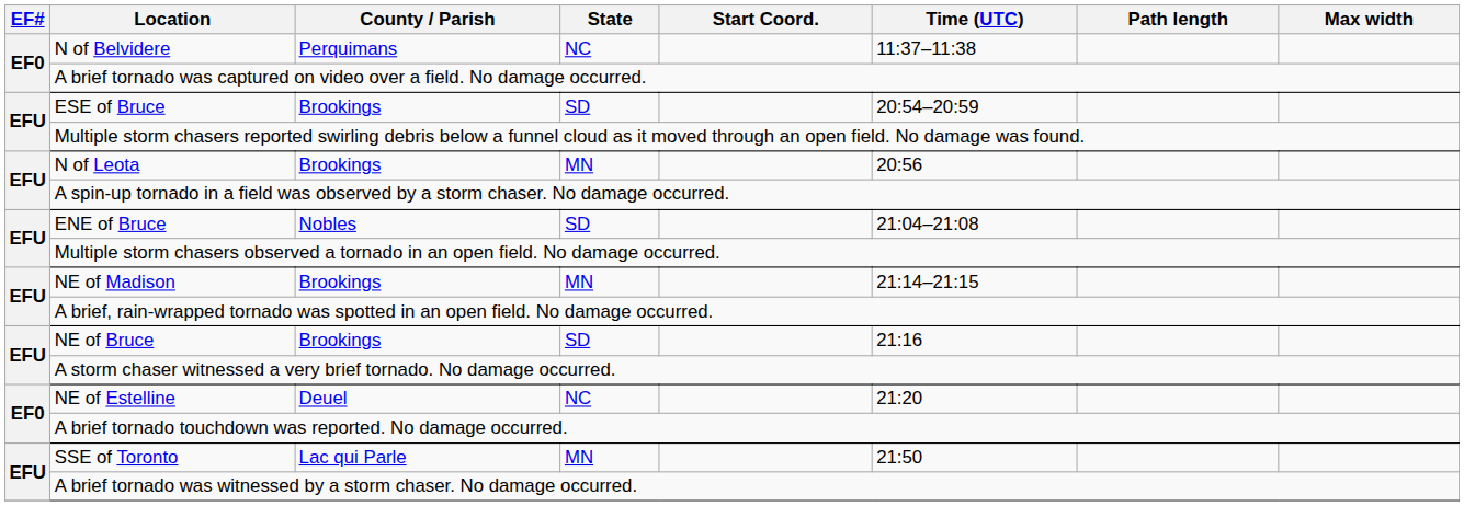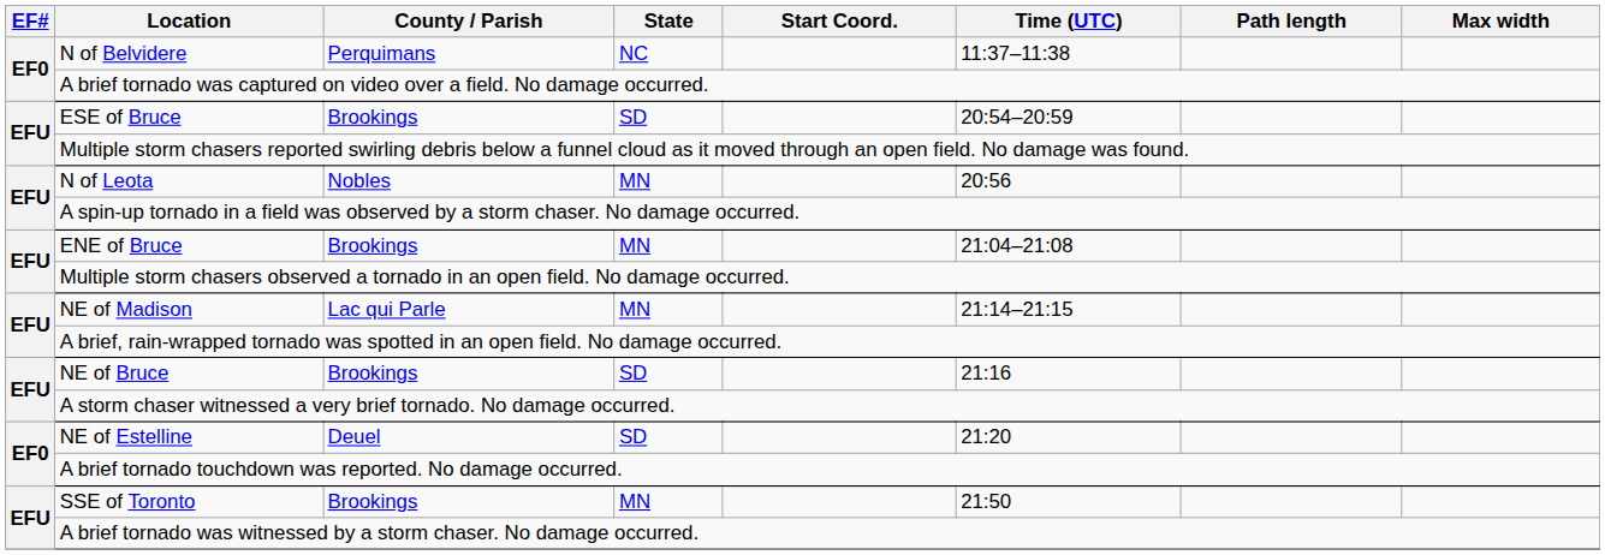 <table class="wikitable sortable" style="width:100%;">
 <tr>
 <th scope="col" width="2%" align="center"><a href='#'>EF#</a></th>
 <th scope="col" align="center" class="unsortable">Location</th>
 <th scope="col" align="center" class="unsortable">County / Parish</th>
 <th scope="col" align="center">State</th>
 <th scope="col" align="center">Start Coord.</th>
 <th scope="col" align="center">Time (<a href='#'>UTC</a>)</th>
 <th scope="col" align="center">Path length</th>
 <th scope="col" align="center">Max width</th>
 </tr>
 <tr>
 <th scope="row" rowspan="2" style="background-color:#">EF0</th>
 <td>N of <a href='#'>Belvidere</a></td>
 <td><a href='#'>Perquimans</a></td>
 <td><a href='#'>NC</a></td>
 <td></td>
 <td>11:37–11:38</td>
 <td></td>
 <td></td>
 </tr>
 <tr class="expand-child">
 <td colspan="8" style=" border-bottom: 1px solid black;">A brief tornado was captured on video over a field. No damage occurred.</td>
 </tr>
 <tr>
 <th scope="row" rowspan="2" style="background-color:#">EFU</th>
 <td>ESE of <a href='#'>Bruce</a></td>
 <td><a href='#'>Brookings</a></td>
 <td><a href='#'>SD</a></td>
 <td></td>
 <td>20:54–20:59</td>
 <td></td>
 <td></td>
 </tr>
 <tr class="expand-child">
 <td colspan="8" style=" border-bottom: 1px solid black;">Multiple storm chasers reported swirling debris below a funnel cloud as it moved through an open field. No damage was found.</td>
 </tr>
 <tr>
 <th scope="row" rowspan="2" style="background-color:#">EFU</th>
 <td>N of <a href='#'>Leota</a></td>
-<td><a href='#'>Brookings</a></td>
+<td><a href='#'>Nobles</a></td>
 <td><a href='#'>MN</a></td>
 <td></td>
 <td>20:56</td>
 <td></td>
 <td></td>
 </tr>
 <tr class="expand-child">
 <td colspan="8" style=" border-bottom: 1px solid black;">A spin-up tornado in a field was observed by a storm chaser. No damage occurred.</td>
 </tr>
 <tr>
 <th scope="row" rowspan="2" style="background-color:#">EFU</th>
 <td>ENE of <a href='#'>Bruce</a></td>
-<td><a href='#'>Nobles</a></td>
-<td><a href='#'>SD</a></td>
+<td><a href='#'>Brookings</a></td>
+<td><a href='#'>MN</a></td>
 <td></td>
 <td>21:04–21:08</td>
 <td></td>
 <td></td>
 </tr>
 <tr class="expand-child">
 <td colspan="8" style=" border-bottom: 1px solid black;">Multiple storm chasers observed a tornado in an open field. No damage occurred.</td>
 </tr>
 <tr>
 <th scope="row" rowspan="2" style="background-color:#">EFU</th>
 <td>NE of <a href='#'>Madison</a></td>
-<td><a href='#'>Brookings</a></td>
+<td><a href='#'>Lac qui Parle</a></td>
 <td><a href='#'>MN</a></td>
 <td></td>
 <td>21:14–21:15</td>
 <td></td>
 <td></td>
 </tr>
 <tr class="expand-child">
 <td colspan="8" style=" border-bottom: 1px solid black;">A brief, rain-wrapped tornado was spotted in an open field. No damage occurred.</td>
 </tr>
 <tr>
 <th scope="row" rowspan="2" style="background-color:#">EFU</th>
 <td>NE of <a href='#'>Bruce</a></td>
 <td><a href='#'>Brookings</a></td>
 <td><a href='#'>SD</a></td>
 <td></td>
 <td>21:16</td>
 <td></td>
 <td></td>
 </tr>
 <tr class="expand-child">
 <td colspan="8" style=" border-bottom: 1px solid black;">A storm chaser witnessed a very brief tornado. No damage occurred.</td>
 </tr>
 <tr>
 <th scope="row" rowspan="2" style="background-color:#">EF0</th>
 <td>NE of <a href='#'>Estelline</a></td>
 <td><a href='#'>Deuel</a></td>
-<td><a href='#'>NC</a></td>
+<td><a href='#'>SD</a></td>
 <td></td>
 <td>21:20</td>
 <td></td>
 <td></td>
 </tr>
 <tr class="expand-child">
 <td colspan="8" style=" border-bottom: 1px solid black;">A brief tornado touchdown was reported. No damage occurred.</td>
 </tr>
 <tr>
 <th scope="row" rowspan="2" style="background-color:#">EFU</th>
 <td>SSE of <a href='#'>Toronto</a></td>
-<td><a href='#'>Lac qui Parle</a></td>
+<td><a href='#'>Brookings</a></td>
 <td><a href='#'>MN</a></td>
 <td></td>
 <td>21:50</td>
 <td></td>
 <td></td>
 </tr>
 <tr class="expand-child">
 <td colspan="8" style=" border-bottom: 1px solid black;">A brief tornado was witnessed by a storm chaser. No damage occurred.</td>
 </tr>
 <tr>
 </tr>
 </table>
